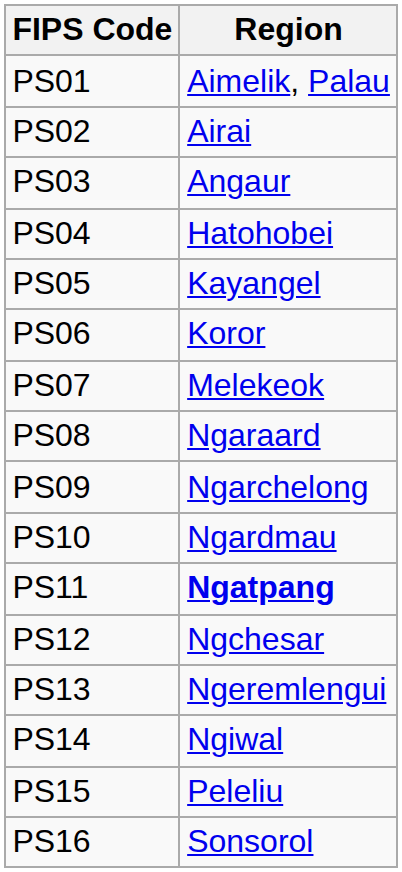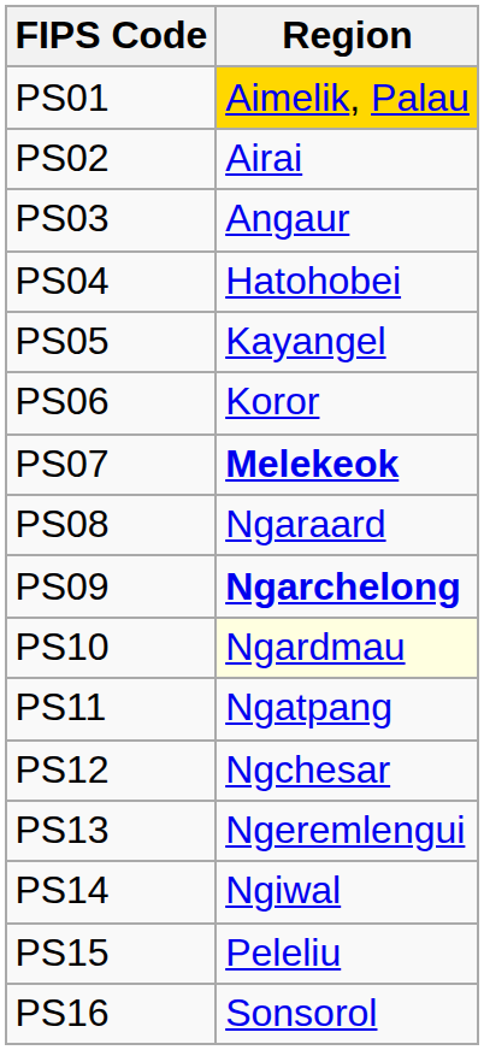 <table class="wikitable">
 <tr>
 <th>FIPS Code</th>
 <th>Region</th>
 </tr>
 <tr>
 <td>PS01</td>
-<td><a href='#'>Aimelik</a>, <a href='#'>Palau</a></td>
+<td style="background: gold;"><a href='#'>Aimelik</a>, <a href='#'>Palau</a></td>
 </tr>
 <tr>
 <td>PS02</td>
 <td><a href='#'>Airai</a></td>
 </tr>
 <tr>
 <td>PS03</td>
 <td><a href='#'>Angaur</a></td>
 </tr>
 <tr>
 <td>PS04</td>
 <td><a href='#'>Hatohobei</a></td>
 </tr>
 <tr>
 <td>PS05</td>
 <td><a href='#'>Kayangel</a></td>
 </tr>
 <tr>
 <td>PS06</td>
 <td><a href='#'>Koror</a></td>
 </tr>
 <tr>
 <td>PS07</td>
-<td><a href='#'>Melekeok</a></td>
+<td><strong><a href='#'>Melekeok</a></strong></td>
 </tr>
 <tr>
 <td>PS08</td>
 <td><a href='#'>Ngaraard</a></td>
 </tr>
 <tr>
 <td>PS09</td>
-<td><a href='#'>Ngarchelong</a></td>
+<td><strong><a href='#'>Ngarchelong</a></strong></td>
 </tr>
 <tr>
 <td>PS10</td>
-<td><a href='#'>Ngardmau</a></td>
+<td style="background: lightyellow;"><a href='#'>Ngardmau</a></td>
 </tr>
 <tr>
 <td>PS11</td>
-<td><strong><a href='#'>Ngatpang</a></strong></td>
+<td><a href='#'>Ngatpang</a></td>
 </tr>
 <tr>
 <td>PS12</td>
 <td><a href='#'>Ngchesar</a></td>
 </tr>
 <tr>
 <td>PS13</td>
 <td><a href='#'>Ngeremlengui</a></td>
 </tr>
 <tr>
 <td>PS14</td>
 <td><a href='#'>Ngiwal</a></td>
 </tr>
 <tr>
 <td>PS15</td>
 <td><a href='#'>Peleliu</a></td>
 </tr>
 <tr>
 <td>PS16</td>
 <td><a href='#'>Sonsorol</a></td>
 </tr>
 </table>
